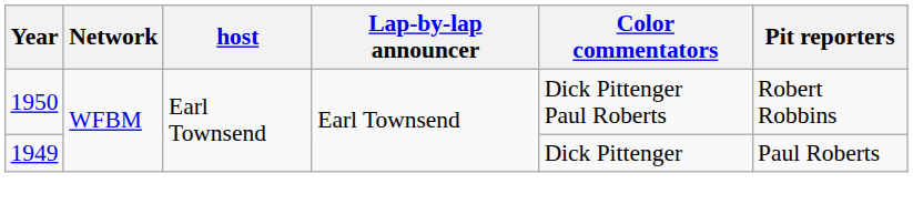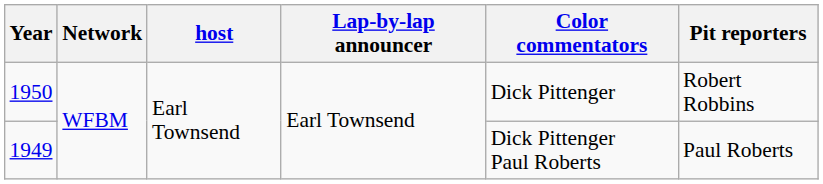 <table class="wikitable">
 <tr style="background:#efefef;">
 <th>Year</th>
 <th>Network</th>
 <th><a href='#'>host</a></th>
 <th><a href='#'>Lap-by-lap</a> announcer</th>
 <th><a href='#'>Color commentators</a></th>
 <th>Pit reporters</th>
 </tr>
 <tr>
 <td><a href='#'>1950</a></td>
 <td rowspan=2><a href='#'>WFBM</a></td>
 <td rowspan=2>Earl Townsend</td>
 <td rowspan=2>Earl Townsend</td>
-<td>Dick Pittenger<br>Paul Roberts</td>
+<td>Dick Pittenger</td>
 <td>Robert Robbins</td>
 </tr>
 <tr>
 <td><a href='#'>1949</a></td>
-<td>Dick Pittenger</td>
+<td>Dick Pittenger<br>Paul Roberts</td>
 <td>Paul Roberts</td>
 </tr>
 </table>
